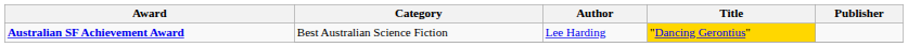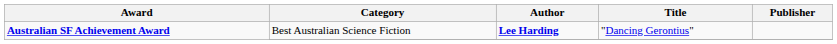 <table class="wikitable" width=95%>
 <tr>
 <th>Award</th>
 <th>Category</th>
 <th>Author</th>
 <th>Title</th>
 <th>Publisher</th>
 </tr>
 <tr>
 <td rowspan=2><strong><a href='#'> Australian SF Achievement Award</a></strong></td>
 <td>Best Australian Science Fiction</td>
-<td><a href='#'>Lee Harding</a></td>
-<td style="background: gold;">"<a href='#'>Dancing Gerontius</a>"</td>
+<td><strong><a href='#'>Lee Harding</a></strong></td>
+<td>"<a href='#'>Dancing Gerontius</a>"</td>
 <td></td>
 </tr>
 <tr>
 </tr>
 </table>
